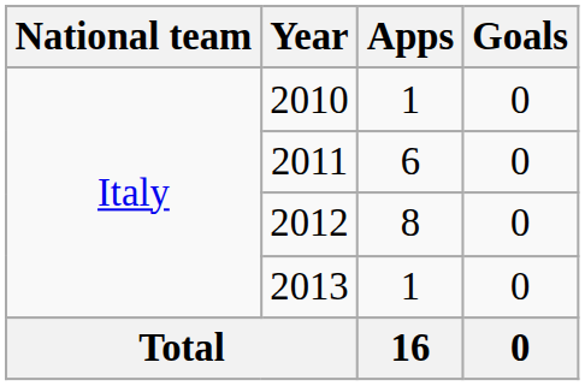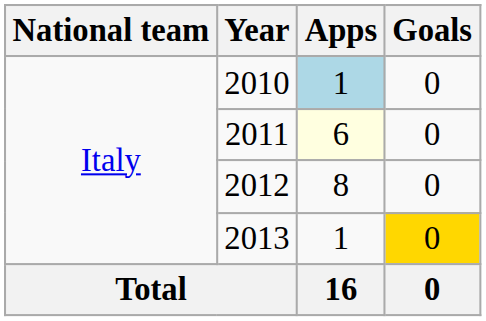 <table class="wikitable" style="text-align:center">
 <tr>
 <th>National team</th>
 <th>Year</th>
 <th>Apps</th>
 <th>Goals</th>
 </tr>
 <tr>
 <td rowspan="4"><a href='#'>Italy</a></td>
 <td>2010</td>
-<td>1</td>
+<td style="background: lightblue;">1</td>
 <td>0</td>
 </tr>
 <tr>
 <td>2011</td>
-<td>6</td>
+<td style="background: lightyellow;">6</td>
 <td>0</td>
 </tr>
 <tr>
 <td>2012</td>
 <td>8</td>
 <td>0</td>
 </tr>
 <tr>
 <td>2013</td>
 <td>1</td>
-<td>0</td>
+<td style="background: gold;">0</td>
 </tr>
 <tr>
 <th colspan="2">Total</th>
 <th>16</th>
 <th>0</th>
 </tr>
 </table>
